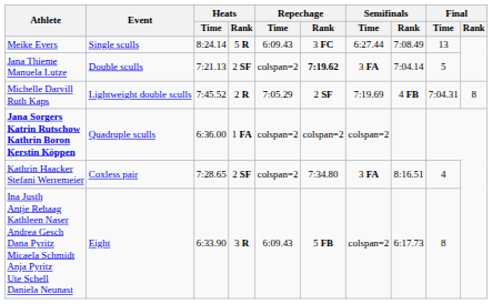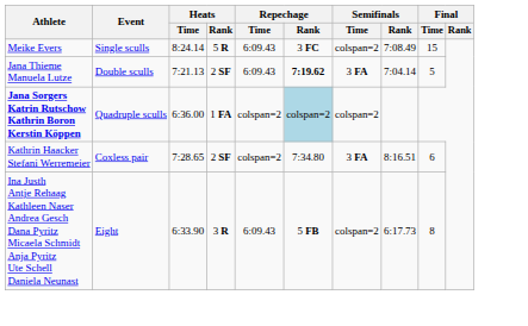 <table class="wikitable" style="font-size:90%">
 <tr>
 <th rowspan="2">Athlete</th>
 <th rowspan="2">Event</th>
 <th colspan="2">Heats</th>
 <th colspan="2">Repechage</th>
 <th colspan="2">Semifinals</th>
 <th colspan="2">Final</th>
 </tr>
 <tr style="font-size:95%">
 <th>Time</th>
 <th>Rank</th>
 <th>Time</th>
 <th>Rank</th>
 <th>Time</th>
 <th>Rank</th>
 <th>Time</th>
 <th>Rank</th>
 </tr>
 <tr align=center>
 <td align=left><a href='#'>Meike Evers</a></td>
 <td align=left><a href='#'>Single sculls</a></td>
 <td>8:24.14</td>
 <td>5 <strong>R</strong></td>
 <td>6:09.43</td>
 <td>3 <strong>FC</strong></td>
-<td>6:27.44</td>
+<td>colspan=2</td>
 <td>7:08.49</td>
-<td>13</td>
+<td>15</td>
 </tr>
 <tr align=center>
 <td align=left><a href='#'>Jana Thieme</a><br><a href='#'>Manuela Lutze</a></td>
 <td align=left><a href='#'>Double sculls</a></td>
 <td>7:21.13</td>
 <td>2 <strong>SF</strong></td>
-<td>colspan=2</td>
+<td>6:09.43</td>
 <td><strong>7:19.62</strong></td>
 <td>3 <strong>FA</strong></td>
 <td>7:04.14</td>
 <td>5</td>
-</tr>
-<tr align=center>
-<td align=left><a href='#'>Michelle Darvill</a><br><a href='#'>Ruth Kaps</a></td>
-<td align=left><a href='#'>Lightweight double sculls</a></td>
-<td>7:45.52</td>
-<td>2 <strong>R</strong></td>
-<td>7:05.29</td>
-<td>2 <strong>SF</strong></td>
-<td>7:19.69</td>
-<td>4 <strong>FB</strong></td>
-<td>7:04.31</td>
-<td>8</td>
 </tr>
 <tr align=center>
 <td align=left><strong><a href='#'>Jana Sorgers</a><br><a href='#'>Katrin Rutschow</a><br><a href='#'>Kathrin Boron</a><br><a href='#'>Kerstin Köppen</a></strong></td>
 <td align=left><a href='#'>Quadruple sculls</a></td>
 <td>6:36.00</td>
 <td>1 <strong>FA</strong></td>
 <td>colspan=2</td>
-<td>colspan=2</td>
+<td style="background: lightblue;">colspan=2</td>
 <td>colspan=2</td>
 <td></td>
 </tr>
 <tr align=center>
 <td align=left><a href='#'>Kathrin Haacker</a><br><a href='#'>Stefani Werremeier</a></td>
 <td align=left><a href='#'>Coxless pair</a></td>
 <td>7:28.65</td>
 <td>2 <strong>SF</strong></td>
 <td>colspan=2</td>
 <td>7:34.80</td>
 <td>3 <strong>FA</strong></td>
 <td>8:16.51</td>
-<td>4</td>
+<td>6</td>
 </tr>
 <tr align=center>
 <td align=left><a href='#'>Ina Justh</a><br><a href='#'>Antje Rehaag</a><br><a href='#'>Kathleen Naser</a><br><a href='#'>Andrea Gesch</a><br><a href='#'>Dana Pyritz</a><br><a href='#'>Micaela Schmidt</a><br><a href='#'>Anja Pyritz</a><br><a href='#'>Ute Schell</a><br><a href='#'>Daniela Neunast</a></td>
 <td align=left><a href='#'>Eight</a></td>
 <td>6:33.90</td>
 <td>3 <strong>R</strong></td>
 <td>6:09.43</td>
 <td>5 <strong>FB</strong></td>
 <td>colspan=2</td>
 <td>6:17.73</td>
 <td>8</td>
 </tr>
 </table>
